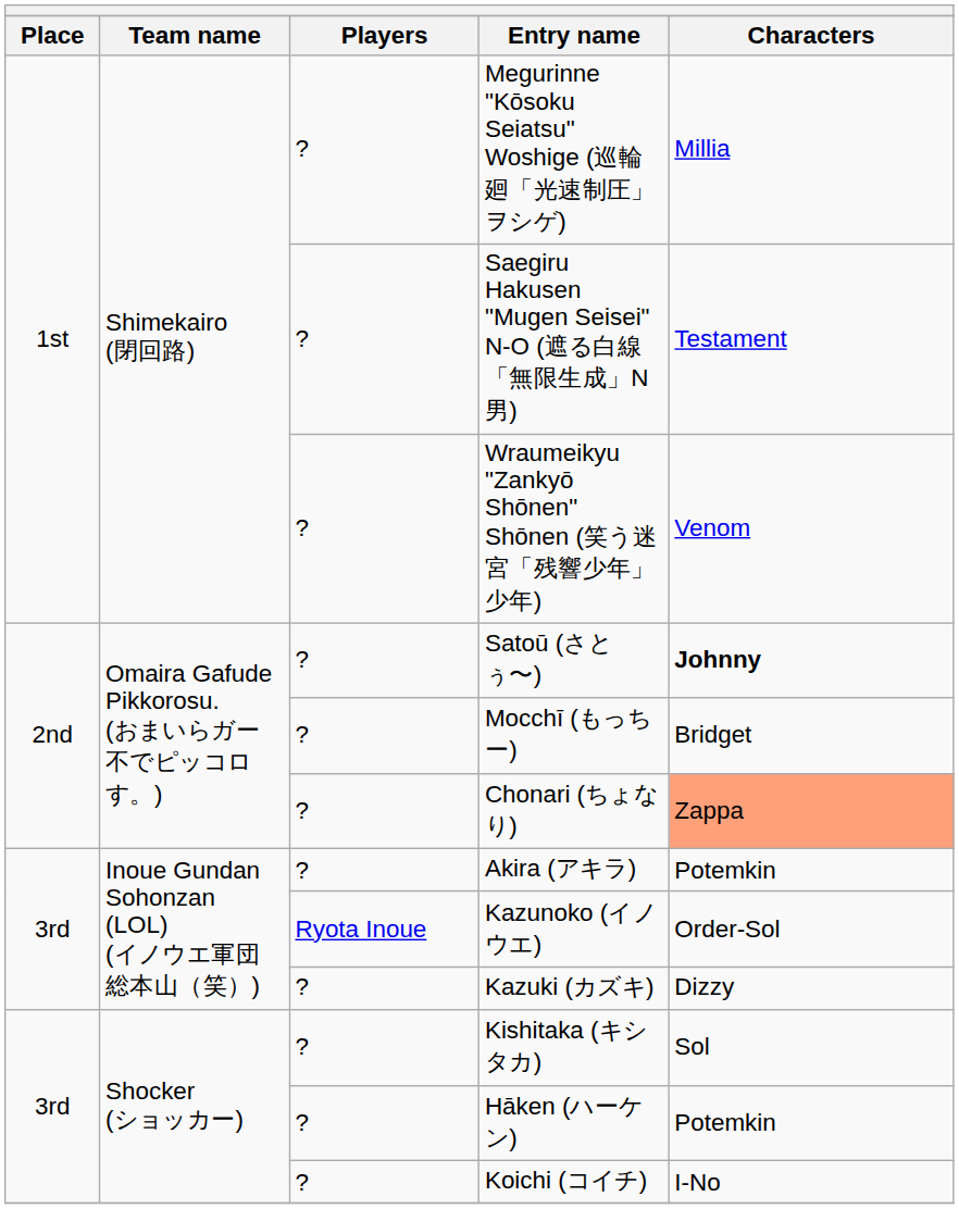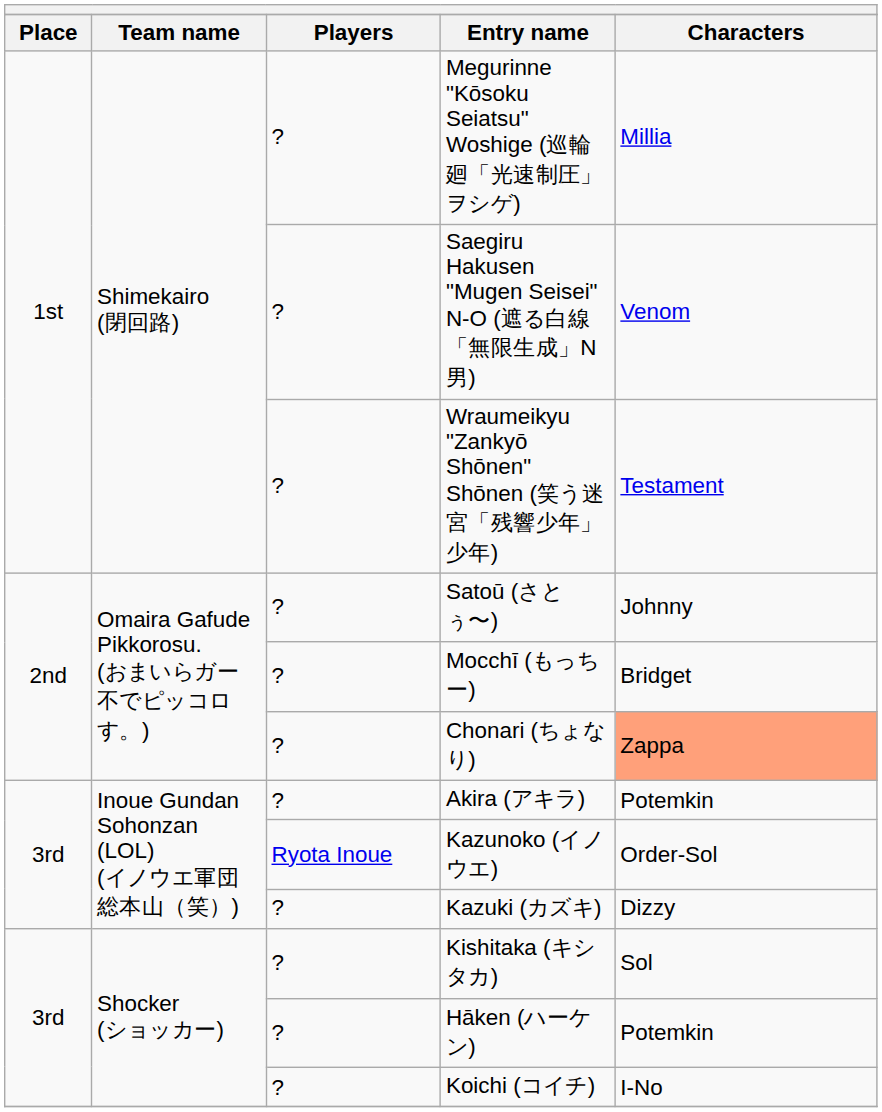 <table class="wikitable" width=100%>
 <tr>
 <th colspan=5></th>
 </tr>
 <tr bgcolor="#dddddd">
 </tr>
 <tr>
 <th width=10%>Place</th>
 <th width=20%>Team name</th>
 <th width=20%>Players</th>
 <th width=20%>Entry name</th>
 <th width=30%>Characters</th>
 </tr>
 <tr>
 <td align=center rowspan="3">1st</td>
 <td rowspan="3">Shimekairo<br>(閉回路)</td>
 <td>?</td>
 <td>Megurinne "Kōsoku Seiatsu" Woshige (巡輪廻「光速制圧」ヲシゲ)</td>
 <td><a href='#'>Millia</a></td>
 </tr>
 <tr>
 <td>?</td>
 <td>Saegiru Hakusen "Mugen Seisei" N-O (遮る白線「無限生成」N男)</td>
-<td><a href='#'>Testament</a></td>
+<td><a href='#'>Venom</a></td>
 </tr>
 <tr>
 <td>?</td>
 <td>Wraumeikyu "Zankyō Shōnen" Shōnen (笑う迷宮「残響少年」少年)</td>
-<td><a href='#'>Venom</a></td>
+<td><a href='#'>Testament</a></td>
 </tr>
 <tr>
 <td align=center rowspan="3">2nd</td>
 <td rowspan="3">Omaira Gafude Pikkorosu.<br>(おまいらガー不でピッコロす。)</td>
 <td>?</td>
 <td>Satoū (さとぅ〜)</td>
-<td><strong>Johnny</strong></td>
+<td>Johnny</td>
 </tr>
 <tr>
 <td>?</td>
 <td>Mocchī (もっちー)</td>
 <td>Bridget</td>
 </tr>
 <tr>
 <td>?</td>
 <td>Chonari (ちょなり)</td>
 <td style="background: lightsalmon;">Zappa</td>
 </tr>
 <tr>
 <td align=center rowspan="3">3rd</td>
 <td rowspan="3">Inoue Gundan Sohonzan (LOL)<br>(イノウエ軍団総本山（笑）)</td>
 <td>?</td>
 <td>Akira (アキラ)</td>
 <td>Potemkin</td>
 </tr>
 <tr>
 <td><a href='#'>Ryota Inoue</a></td>
 <td>Kazunoko (イノウエ)</td>
 <td>Order-Sol</td>
 </tr>
 <tr>
 <td>?</td>
 <td>Kazuki (カズキ)</td>
 <td>Dizzy</td>
 </tr>
 <tr>
 <td align=center rowspan="3">3rd</td>
 <td rowspan="3">Shocker<br>(ショッカー)</td>
 <td>?</td>
 <td>Kishitaka (キシタカ)</td>
 <td>Sol</td>
 </tr>
 <tr>
 <td>?</td>
 <td>Hāken (ハーケン)</td>
 <td>Potemkin</td>
 </tr>
 <tr>
 <td>?</td>
 <td>Koichi (コイチ)</td>
 <td>I-No</td>
 </tr>
 <tr>
 </tr>
 </table>
